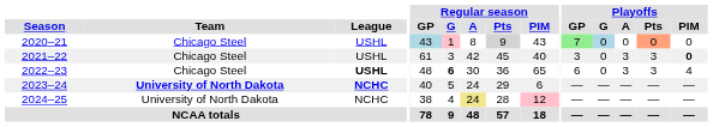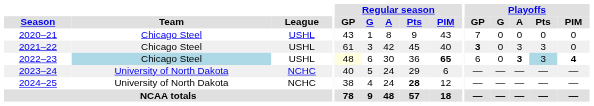 <table border="0" cellpadding="1" cellspacing="0" style="text-align:center; width:60em">
 <tr bgcolor="#e0e0e0">
 <th colspan="3" bgcolor="#ffffff"></th>
 <th rowspan="101" bgcolor="#ffffff"></th>
 <th colspan="5"><a href='#'>Regular season</a></th>
 <th rowspan="101" bgcolor="#ffffff"></th>
 <th colspan="5"><a href='#'>Playoffs</a></th>
 </tr>
 <tr bgcolor="#e0e0e0">
 <th><a href='#'>Season</a></th>
 <th>Team</th>
 <th>League</th>
 <th>GP</th>
 <th><a href='#'>G</a></th>
 <th><a href='#'>A</a></th>
 <th><a href='#'>Pts</a></th>
 <th><a href='#'>PIM</a></th>
 <th>GP</th>
 <th>G</th>
 <th>A</th>
 <th>Pts</th>
 <th>PIM</th>
 </tr>
 <tr>
 <td><a href='#'>2020–21</a></td>
 <td><a href='#'>Chicago Steel</a></td>
 <td><a href='#'>USHL</a></td>
-<td style="background: lightblue;">43</td>
-<td style="background: pink;">1</td>
+<td>43</td>
+<td>1</td>
 <td>8</td>
-<td style="background: lightgrey;">9</td>
+<td>9</td>
 <td>43</td>
-<td style="background: lightgreen;">7</td>
-<td style="background: lightblue;">0</td>
+<td>7</td>
 <td>0</td>
-<td style="background: lightsalmon;">0</td>
+<td>0</td>
+<td>0</td>
 <td>0</td>
 </tr>
 <tr bgcolor="#f0f0f0">
 <td><a href='#'>2021–22</a></td>
 <td>Chicago Steel</td>
 <td>USHL</td>
 <td>61</td>
 <td>3</td>
 <td>42</td>
 <td>45</td>
 <td>40</td>
-<td>3</td>
+<td><strong>3</strong></td>
 <td>0</td>
 <td>3</td>
 <td>3</td>
-<td><strong>0</strong></td>
+<td>0</td>
 </tr>
 <tr>
 <td><a href='#'>2022–23</a></td>
-<td>Chicago Steel</td>
-<td><strong>USHL</strong></td>
-<td>48</td>
-<td><strong>6</strong></td>
+<td style="background: lightblue;">Chicago Steel</td>
+<td>USHL</td>
+<td style="background: lightyellow;">48</td>
+<td>6</td>
 <td>30</td>
 <td>36</td>
-<td>65</td>
+<td><strong>65</strong></td>
 <td>6</td>
 <td>0</td>
-<td>3</td>
-<td>3</td>
-<td>4</td>
+<td><strong>3</strong></td>
+<td style="background: lightblue;">3</td>
+<td><strong>4</strong></td>
 </tr>
 <tr bgcolor="#f0f0f0">
 <td><a href='#'>2023–24</a></td>
-<td><strong><a href='#'>University of North Dakota</a></strong></td>
-<td><strong><a href='#'>NCHC</a></strong></td>
+<td><a href='#'>University of North Dakota</a></td>
+<td><a href='#'>NCHC</a></td>
 <td>40</td>
 <td>5</td>
 <td>24</td>
 <td>29</td>
 <td>6</td>
 <td>—</td>
 <td>—</td>
 <td>—</td>
 <td>—</td>
 <td>—</td>
 </tr>
 <tr>
 <td><a href='#'>2024–25</a></td>
 <td>University of North Dakota</td>
 <td>NCHC</td>
 <td>38</td>
 <td>4</td>
-<td style="background: khaki;">24</td>
-<td>28</td>
-<td style="background: pink;">12</td>
+<td>24</td>
+<td><strong>28</strong></td>
+<td>12</td>
 <td>—</td>
 <td>—</td>
 <td>—</td>
 <td>—</td>
 <td>—</td>
 </tr>
 <tr bgcolor="#e0e0e0">
 <th colspan="3">NCAA totals</th>
 <th>78</th>
 <th>9</th>
 <th>48</th>
 <th>57</th>
 <th>18</th>
 <th>—</th>
 <th>—</th>
 <th>—</th>
 <th>—</th>
 <th>—</th>
 </tr>
 </table>
